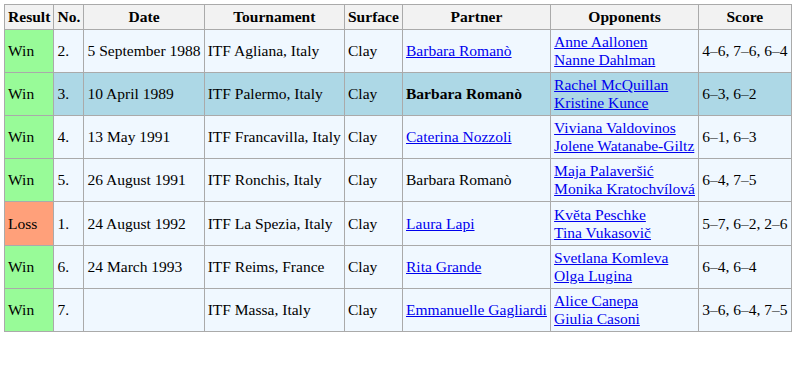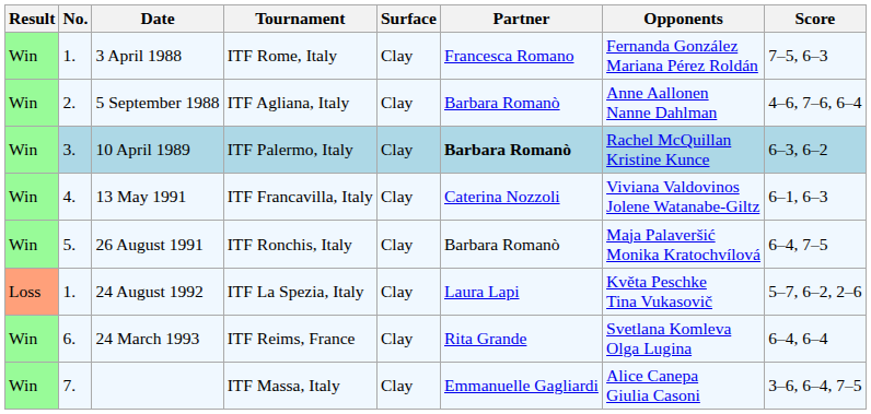 <table class="sortable wikitable" style=font-size:97%>
 <tr>
 <th>Result</th>
 <th>No.</th>
 <th>Date</th>
 <th>Tournament</th>
 <th>Surface</th>
 <th>Partner</th>
 <th>Opponents</th>
 <th class="unsortable">Score</th>
+</tr>
+<tr style="background:#f0f8ff;">
+<td style="background:#98fb98;">Win</td>
+<td>1.</td>
+<td>3 April 1988</td>
+<td>ITF Rome, Italy</td>
+<td>Clay</td>
+<td> <a href='#'>Francesca Romano</a></td>
+<td> <a href='#'>Fernanda González</a> <br>  <a href='#'>Mariana Pérez Roldán</a></td>
+<td>7–5, 6–3</td>
 </tr>
 <tr style="background:#f0f8ff;">
 <td style="background:#98fb98;">Win</td>
 <td>2.</td>
 <td>5 September 1988</td>
 <td>ITF Agliana, Italy</td>
 <td>Clay</td>
 <td> <a href='#'>Barbara Romanò</a></td>
 <td> <a href='#'>Anne Aallonen</a> <br>  <a href='#'>Nanne Dahlman</a></td>
 <td>4–6, 7–6, 6–4</td>
 </tr>
 <tr style="background:lightblue">
 <td style="background:#98fb98;">Win</td>
 <td>3.</td>
 <td>10 April 1989</td>
 <td>ITF Palermo, Italy</td>
 <td>Clay</td>
 <td><strong> Barbara Romanò</strong></td>
 <td> <a href='#'>Rachel McQuillan</a> <br>  <a href='#'>Kristine Kunce</a></td>
 <td>6–3, 6–2</td>
 </tr>
 <tr style="background:#f0f8ff;">
 <td style="background:#98fb98;">Win</td>
 <td>4.</td>
 <td>13 May 1991</td>
 <td>ITF Francavilla, Italy</td>
 <td>Clay</td>
 <td> <a href='#'>Caterina Nozzoli</a></td>
 <td> <a href='#'>Viviana Valdovinos</a> <br>  <a href='#'>Jolene Watanabe-Giltz</a></td>
 <td>6–1, 6–3</td>
 </tr>
 <tr style="background:#f0f8ff;">
 <td style="background:#98fb98;">Win</td>
 <td>5.</td>
 <td>26 August 1991</td>
 <td>ITF Ronchis, Italy</td>
 <td>Clay</td>
 <td> Barbara Romanò</td>
 <td> <a href='#'>Maja Palaveršić</a> <br>  <a href='#'>Monika Kratochvílová</a></td>
 <td>6–4, 7–5</td>
 </tr>
 <tr style="background:#f0f8ff;">
 <td style="background:#ffa07a;">Loss</td>
 <td>1.</td>
 <td>24 August 1992</td>
 <td>ITF La Spezia, Italy</td>
 <td>Clay</td>
 <td> <a href='#'>Laura Lapi</a></td>
 <td> <a href='#'>Květa Peschke</a> <br>  <a href='#'>Tina Vukasovič</a></td>
 <td>5–7, 6–2, 2–6</td>
 </tr>
 <tr style="background:#f0f8ff;">
 <td style="background:#98fb98;">Win</td>
 <td>6.</td>
 <td>24 March 1993</td>
 <td>ITF Reims, France</td>
 <td>Clay</td>
 <td> <a href='#'>Rita Grande</a></td>
 <td> <a href='#'>Svetlana Komleva</a> <br>  <a href='#'>Olga Lugina</a></td>
 <td>6–4, 6–4</td>
 </tr>
 <tr style="background:#f0f8ff;">
 <td style="background:#98fb98;">Win</td>
 <td>7.</td>
 <td></td>
 <td>ITF Massa, Italy</td>
 <td>Clay</td>
 <td> <a href='#'>Emmanuelle Gagliardi</a></td>
 <td> <a href='#'>Alice Canepa</a> <br>  <a href='#'>Giulia Casoni</a></td>
 <td>3–6, 6–4, 7–5</td>
 </tr>
 </table>
